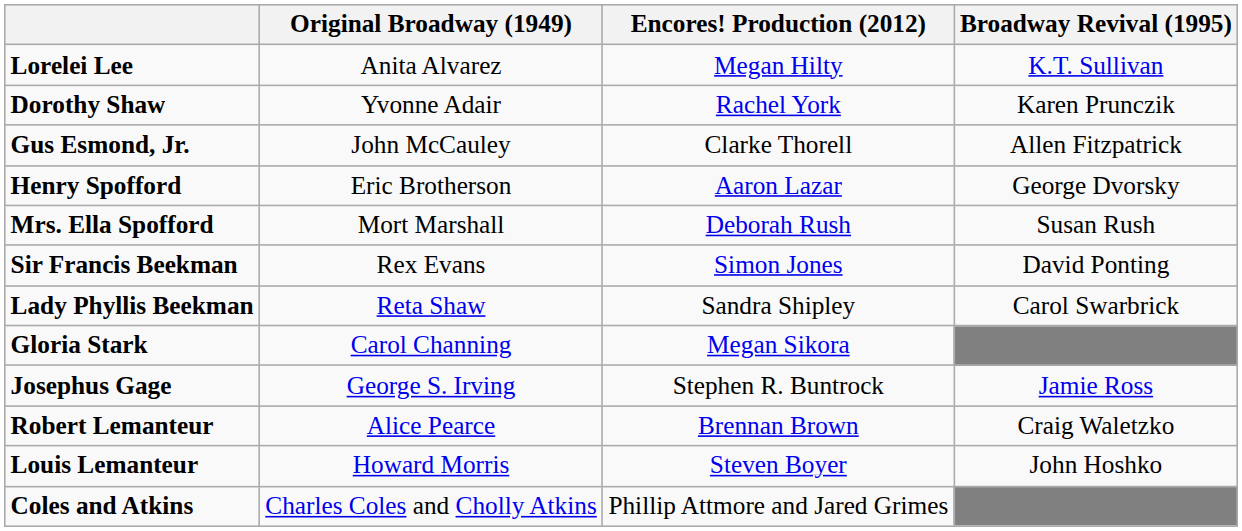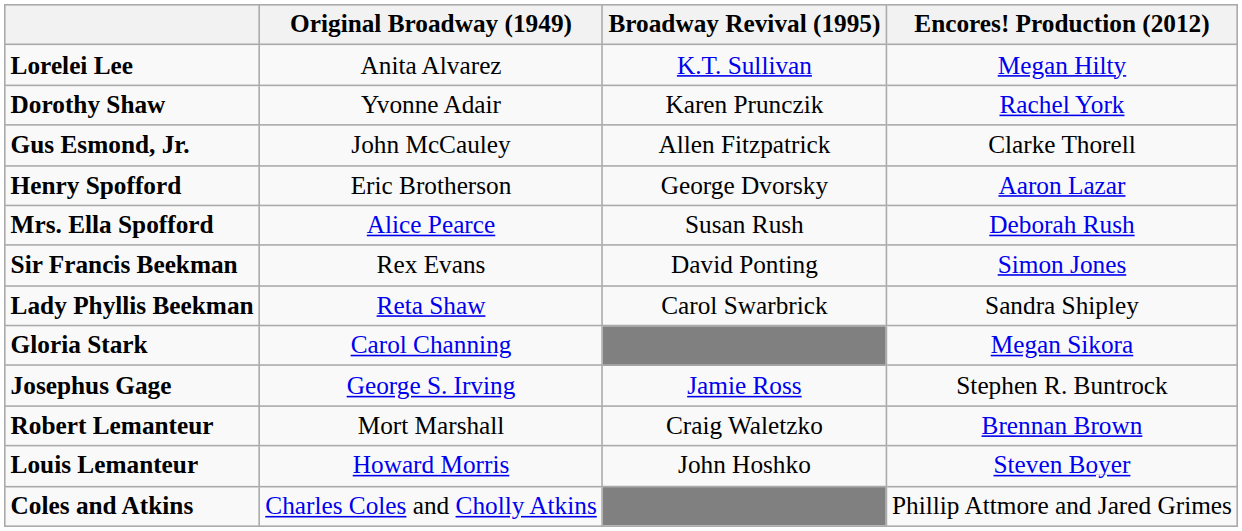 <table class="wikitable">
 <tr>
 <th></th>
 <th>Original Broadway (1949)</th>
+<th>Broadway Revival (1995)</th>
 <th>Encores! Production (2012)</th>
-<th>Broadway Revival (1995)</th>
 </tr>
 <tr>
 <td><strong>Lorelei Lee</strong></td>
 <td style="text-align:center;">Anita Alvarez</td>
+<td style="text-align:center;"><a href='#'>K.T. Sullivan</a></td>
 <td style="text-align:center;"><a href='#'>Megan Hilty</a></td>
-<td style="text-align:center;"><a href='#'>K.T. Sullivan</a></td>
 </tr>
 <tr>
 <td><strong>Dorothy Shaw</strong></td>
 <td style="text-align:center;">Yvonne Adair</td>
+<td style="text-align:center;">Karen Prunczik</td>
 <td style="text-align:center;"><a href='#'>Rachel York</a></td>
-<td style="text-align:center;">Karen Prunczik</td>
 </tr>
 <tr>
 <td><strong>Gus Esmond, Jr.</strong></td>
 <td style="text-align:center;">John McCauley</td>
+<td style="text-align:center;">Allen Fitzpatrick</td>
 <td style="text-align:center;">Clarke Thorell</td>
-<td style="text-align:center;">Allen Fitzpatrick</td>
 </tr>
 <tr>
 <td><strong>Henry Spofford</strong></td>
 <td style="text-align:center;">Eric Brotherson</td>
+<td style="text-align:center;">George Dvorsky</td>
 <td style="text-align:center;"><a href='#'>Aaron Lazar</a></td>
-<td style="text-align:center;">George Dvorsky</td>
 </tr>
 <tr>
 <td><strong>Mrs. Ella Spofford</strong></td>
-<td style="text-align:center;">Mort Marshall</td>
+<td style="text-align:center;"><a href='#'>Alice Pearce</a></td>
+<td style="text-align:center;">Susan Rush</td>
 <td style="text-align:center;"><a href='#'>Deborah Rush</a></td>
-<td style="text-align:center;">Susan Rush</td>
 </tr>
 <tr>
 <td><strong>Sir Francis Beekman</strong></td>
 <td style="text-align:center;">Rex Evans</td>
+<td style="text-align:center;">David Ponting</td>
 <td style="text-align:center;"><a href='#'>Simon Jones</a></td>
-<td style="text-align:center;">David Ponting</td>
 </tr>
 <tr>
 <td><strong>Lady Phyllis Beekman</strong></td>
 <td style="text-align:center;"><a href='#'>Reta Shaw</a></td>
+<td style="text-align:center;">Carol Swarbrick</td>
 <td style="text-align:center;">Sandra Shipley</td>
-<td style="text-align:center;">Carol Swarbrick</td>
 </tr>
 <tr>
 <td><strong>Gloria Stark</strong></td>
 <td style="text-align:center;"><a href='#'>Carol Channing</a></td>
+<td style='background: #808080'></td>
 <td style="text-align:center;"><a href='#'>Megan Sikora</a></td>
-<td style='background: #808080'></td>
 </tr>
 <tr>
 <td><strong>Josephus Gage</strong></td>
 <td style="text-align:center;"><a href='#'>George S. Irving</a></td>
+<td style="text-align:center;"><a href='#'>Jamie Ross</a></td>
 <td style="text-align:center;">Stephen R. Buntrock</td>
-<td style="text-align:center;"><a href='#'>Jamie Ross</a></td>
 </tr>
 <tr>
 <td><strong>Robert Lemanteur</strong></td>
-<td style="text-align:center;"><a href='#'>Alice Pearce</a></td>
+<td style="text-align:center;">Mort Marshall</td>
+<td style="text-align:center;">Craig Waletzko</td>
 <td style="text-align:center;"><a href='#'>Brennan Brown</a></td>
-<td style="text-align:center;">Craig Waletzko</td>
 </tr>
 <tr>
 <td><strong>Louis Lemanteur</strong></td>
 <td style="text-align:center;"><a href='#'>Howard Morris</a></td>
+<td style="text-align:center;">John Hoshko</td>
 <td style="text-align:center;"><a href='#'>Steven Boyer</a></td>
-<td style="text-align:center;">John Hoshko</td>
 </tr>
 <tr>
 <td><strong>Coles and Atkins</strong></td>
 <td style="text-align:center;"><a href='#'>Charles Coles</a> and <a href='#'>Cholly Atkins</a></td>
+<td style='background: #808080'></td>
 <td style="text-align:center;">Phillip Attmore and Jared Grimes</td>
-<td style='background: #808080'></td>
 </tr>
 </table>
